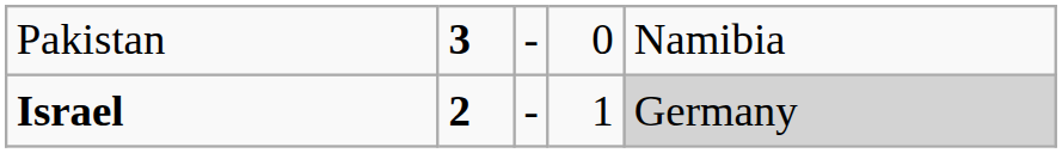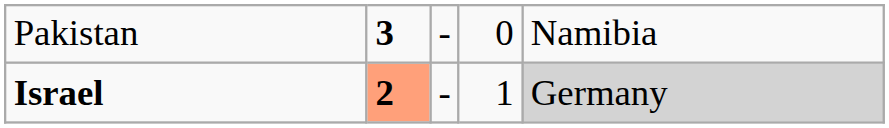 <table class="wikitable">
 <tr>
 <td width=150> Pakistan</td>
 <td style="width:20px; text-align:left;"><strong>3</strong></td>
 <td>-</td>
 <td style="width:20px; text-align:right;">0</td>
 <td width=150> Namibia</td>
 </tr>
 <tr>
 <td> <strong>Israel</strong></td>
-<td style="text-align:left;"><strong>2</strong></td>
+<td style="background: lightsalmon; text-align:left;"><strong>2</strong></td>
 <td>-</td>
 <td style="text-align:right;">1</td>
 <td style="background: lightgrey;"> Germany</td>
 </tr>
 </table>
